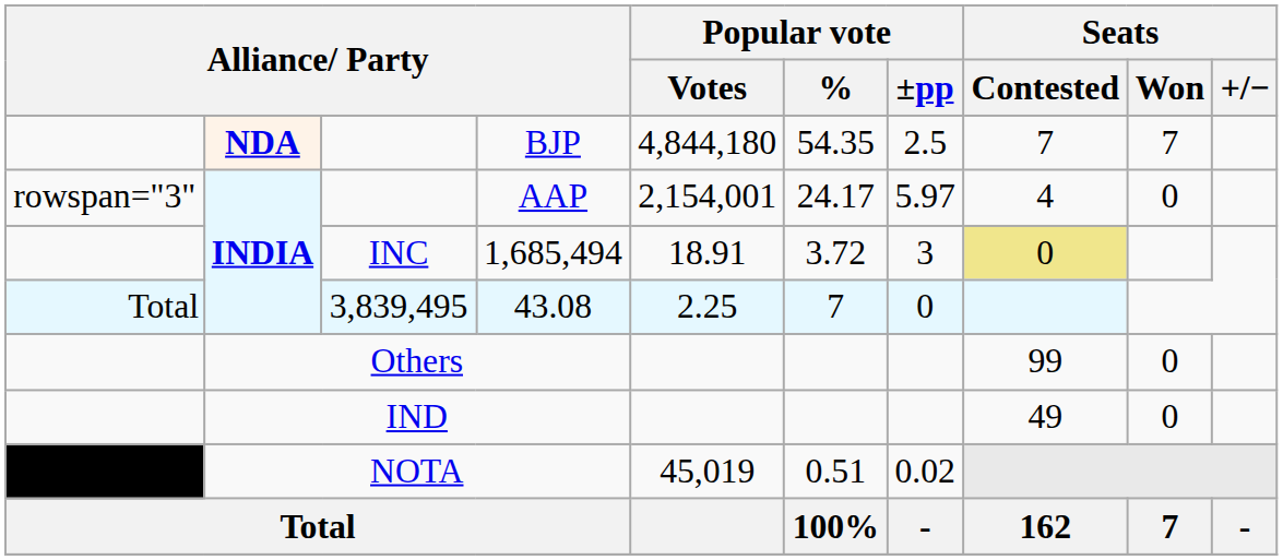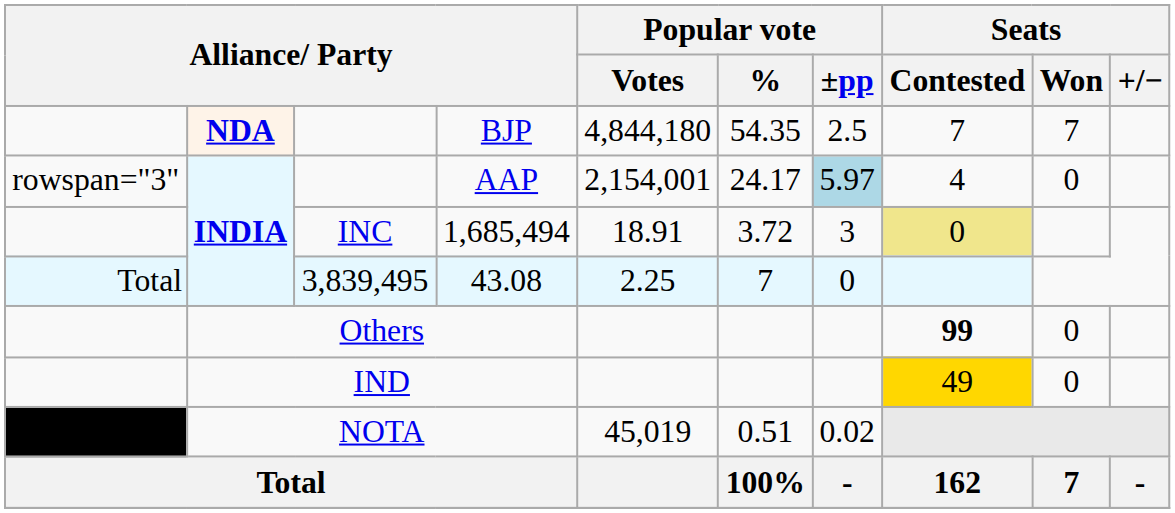 <table class="wikitable sortable" style="text-align:center;">
 <tr>
 <th colspan="4" rowspan="2">Alliance/ Party</th>
 <th colspan="3">Popular vote</th>
 <th colspan="3">Seats</th>
 </tr>
 <tr>
 <th>Votes</th>
 <th>%</th>
 <th>±<a href='#'>pp</a></th>
 <th>Contested</th>
 <th>Won</th>
 <th><strong>+/−</strong></th>
 </tr>
 <tr>
 <td></td>
 <th style="background:#fef3e8"><a href='#'>NDA</a></th>
 <td></td>
 <td><a href='#'>BJP</a></td>
 <td>4,844,180</td>
 <td>54.35</td>
 <td> 2.5</td>
 <td>7</td>
 <td>7</td>
 <td></td>
 </tr>
 <tr>
 <td>rowspan="3" </td>
 <th rowspan="3"style="background:#E5F8FF"><a href='#'>INDIA</a></th>
 <td></td>
 <td><a href='#'>AAP</a></td>
 <td>2,154,001</td>
 <td>24.17</td>
-<td> 5.97</td>
+<td style="background: lightblue;"> 5.97</td>
 <td>4</td>
 <td>0</td>
 <td></td>
 </tr>
 <tr>
 <td></td>
 <td><a href='#'>INC</a></td>
 <td>1,685,494</td>
 <td>18.91</td>
 <td> 3.72</td>
 <td>3</td>
 <td style="background: khaki;">0</td>
 <td></td>
 </tr>
 <tr>
 <td colspan="2"style="background:#E5F8FF">Total</td>
 <td style="background:#E5F8FF">3,839,495</td>
 <td style="background:#E5F8FF">43.08</td>
 <td style="background:#E5F8FF"> 2.25</td>
 <td style="background:#E5F8FF">7</td>
 <td style="background:#E5F8FF">0</td>
 <td style="background:#E5F8FF"></td>
 </tr>
 <tr>
 <td></td>
 <td colspan="3"><a href='#'>Others</a></td>
 <td></td>
 <td></td>
 <td></td>
-<td>99</td>
+<td><strong>99</strong></td>
 <td>0</td>
 <td></td>
 </tr>
 <tr>
 <td></td>
 <td colspan="3"><a href='#'>IND</a></td>
 <td></td>
 <td></td>
 <td></td>
-<td>49</td>
+<td style="background: gold;">49</td>
 <td>0</td>
 <td></td>
 </tr>
 <tr>
 <td bgcolor="Black"></td>
 <td colspan="3"><a href='#'>NOTA</a></td>
 <td>45,019</td>
 <td>0.51</td>
 <td> 0.02</td>
 <th colspan="3" style="background-color:#E9E9E9"></th>
 </tr>
 <tr>
 <th colspan="4">Total</th>
 <th></th>
 <th>100%</th>
 <th>-</th>
 <th>162</th>
 <th>7</th>
 <th>-</th>
 </tr>
 <tr>
 </tr>
 </table>
